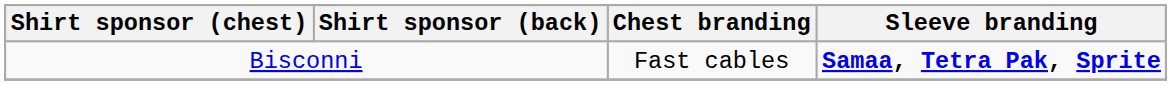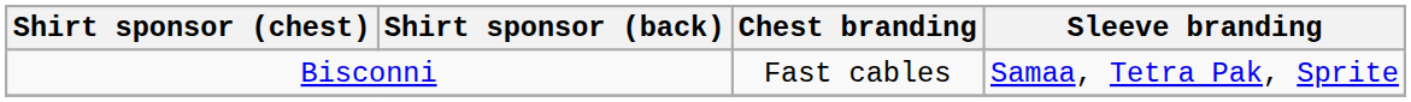 <table class="wikitable"  style="font-size:85%; text-align: center">
 <tr>
 <th>Shirt sponsor (chest)</th>
 <th>Shirt sponsor (back)</th>
 <th>Chest branding</th>
 <th>Sleeve branding</th>
 </tr>
 <tr>
 <td colspan="2"><a href='#'>Bisconni</a></td>
 <td>Fast cables</td>
-<td><strong><a href='#'>Samaa</a>, <a href='#'>Tetra Pak</a>, <a href='#'>Sprite</a></strong></td>
+<td><a href='#'>Samaa</a>, <a href='#'>Tetra Pak</a>, <a href='#'>Sprite</a></td>
 </tr>
 <tr>
 </tr>
 </table>
